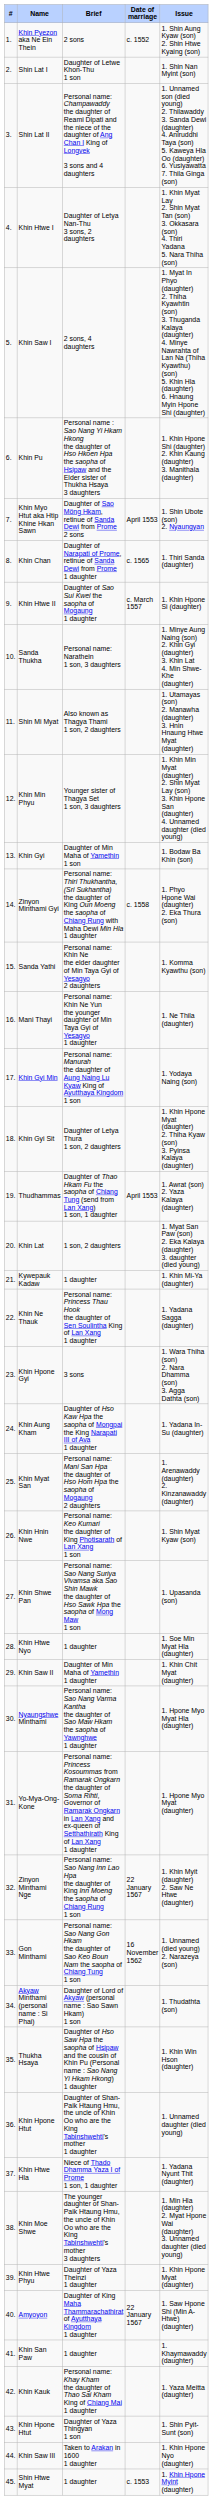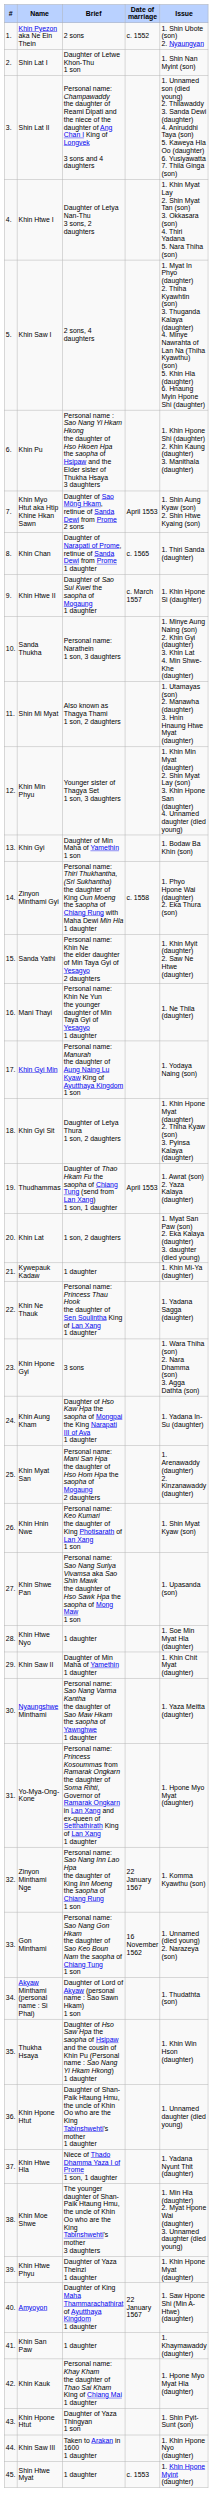 <table width=75% class="wikitable">
 <tr>
 <th style="background-color:#B9D1FF">#</th>
 <th style="background-color:#B9D1FF">Name</th>
 <th style="background-color:#B9D1FF">Brief</th>
 <th style="background-color:#B9D1FF">Date of marriage</th>
 <th style="background-color:#B9D1FF">Issue</th>
 </tr>
 <tr>
 <td>1.</td>
 <td><a href='#'>Khin Pyezon</a> aka Ne Ein Thein</td>
 <td>2 sons</td>
 <td>c. 1552</td>
-<td>1. Shin Aung Kyaw (son) <br> 2. Shin Htwe Kyaing (son)</td>
+<td>1. Shin Ubote (son) <br> 2. <a href='#'>Nyaungyan</a></td>
 </tr>
 <tr>
 <td>2.</td>
 <td>Shin Lat I</td>
 <td>Daughter of Letwe Khon-Thu <br> 1 son</td>
 <td></td>
 <td>1. Shin Nan Myint (son)</td>
 </tr>
 <tr>
 <td>3.</td>
 <td>Shin Lat II</td>
 <td>Personal name: <em>Champawaddy</em> <br> the daughter of Reami Dipati and the niece of the daughter of <a href='#'>Ang Chan I</a> King of <a href='#'>Longvek</a><br><br> 3 sons and 4 daughters</td>
 <td></td>
 <td>1. Unnamed son (died young) <br> 2. Thilawaddy <br> 3. Sanda Dewi (daughter) <br> 4. Aniruddhi Taya (son) <br> 5. Kaweya Hla Oo (daughter) <br> 6. Yusiyawatta <br> 7. Thila Ginga (son)</td>
 </tr>
 <tr>
 <td>4.</td>
 <td>Khin Htwe I</td>
 <td>Daughter of Letya Nan-Thu <br> 3 sons, 2 daughters</td>
 <td></td>
 <td>1. Khin Myat Lay <br> 2. Shin Myat Tan (son) <br> 3. Okkasara (son) <br> 4. Thiri Yadana <br> 5. Nara Thiha (son)</td>
 </tr>
 <tr>
 <td>5.</td>
 <td>Khin Saw I</td>
 <td>2 sons, 4 daughters</td>
 <td></td>
 <td>1. Myat In Phyo (daughter) <br> 2. Thiha Kyawhtin (son) <br> 3. Thuganda Kalaya (daughter) <br> 4. Minye Nawrahta of Lan Na (Thiha Kyawthu) (son) <br> 5. Khin Hla (daughter) <br> 6. Hnaung Myin Hpone Shi (daughter)</td>
 </tr>
 <tr>
 <td>6.</td>
 <td>Khin Pu</td>
 <td>Personal name : <em>Sao Nang Yi Hkam Hkong</em> <br> the daughter of <em>Hso Hkoen Hpa</em> the <em>saopha</em> of <a href='#'>Hsipaw</a> and the Elder sister of Thukha Hsaya <br> 3 daughters</td>
 <td></td>
 <td>1. Khin Hpone Shi (daughter) <br> 2. Khin Kaung (daughter) <br> 3. Manithala (daughter)</td>
 </tr>
 <tr>
 <td>7.</td>
 <td>Khin Myo Htut aka Htip Khine Hkan Sawn</td>
 <td>Daughter of <a href='#'>Sao Möng Hkam</a>, retinue of <a href='#'>Sanda Dewi</a> from <a href='#'>Prome</a> <br> 2 sons</td>
 <td>April 1553</td>
-<td>1. Shin Ubote (son) <br> 2. <a href='#'>Nyaungyan</a></td>
+<td>1. Shin Aung Kyaw (son) <br> 2. Shin Htwe Kyaing (son)</td>
 </tr>
 <tr>
 <td>8.</td>
 <td>Khin Chan</td>
 <td>Daughter of <a href='#'>Narapati of Prome</a>, retinue of <a href='#'>Sanda Dewi</a> from <a href='#'>Prome</a> <br> 1 daughter</td>
 <td>c. 1565</td>
 <td>1. Thiri Sanda (daughter)</td>
 </tr>
 <tr>
 <td>9.</td>
 <td>Khin Htwe II</td>
 <td>Daughter of <em>Sao Sui Kwei</em> the <em>saopha</em> of <a href='#'>Mogaung</a> <br> 1 daughter</td>
 <td>c. March 1557</td>
 <td>1. Khin Hpone Si (daughter)</td>
 </tr>
 <tr>
 <td>10.</td>
 <td>Sanda Thukha</td>
 <td>Personal name: Narathein <br> 1 son, 3 daughters</td>
 <td></td>
 <td>1. Minye Aung Naing (son) <br> 2. Khin Gyi (daughter) <br> 3. Khin Lat <br> 4. Min Shwe-Khe (daughter)</td>
 </tr>
 <tr>
 <td>11.</td>
 <td>Shin Mi Myat</td>
 <td>Also known as Thagya Thami <br> 1 son, 2 daughters</td>
 <td></td>
 <td>1. Utamayas (son) <br> 2. Manawha (daughter) <br> 3. Hnin Hnaung Htwe Myat (daughter)</td>
 </tr>
 <tr>
 <td>12.</td>
 <td>Khin Min Phyu</td>
 <td>Younger sister of Thagya Set <br> 1 son, 3 daughters</td>
 <td></td>
 <td>1. Khin Min Myat (daughter) <br> 2. Shin Myat Lay (son) <br> 3. Khin Hpone San (daughter) <br> 4. Unnamed daughter (died young)</td>
 </tr>
 <tr>
 <td>13.</td>
 <td>Khin Gyi</td>
 <td>Daughter of Min Maha of <a href='#'>Yamethin</a> <br> 1 son</td>
 <td></td>
 <td>1. Bodaw Ba Khin (son)</td>
 </tr>
 <tr>
 <td>14.</td>
 <td>Zinyon Minthami Gyi</td>
 <td>Personal name: <em>Thiri Thukhantha, (Sri Sukhantha)</em> <br> the daughter of King <em>Oun Moeng</em> the <em>saopha</em> of <a href='#'>Chiang Rung</a> with Maha Dewi <em>Min Hla</em> <br> 1 daughter</td>
 <td>c. 1558</td>
 <td>1. Phyo Hpone Wai (daughter) <br> 2. Eka Thura (son)</td>
 </tr>
 <tr>
 <td>15.</td>
 <td>Sanda Yathi</td>
 <td>Personal name: Khin Ne <br> the elder daughter of Min Taya Gyi of <a href='#'>Yesagyo</a> <br> 2 daughters</td>
 <td></td>
-<td>1. Komma Kyawthu (son)</td>
+<td>1. Khin Myit (daughter) <br> 2. Saw Ne Htwe (daughter)</td>
 </tr>
 <tr>
 <td>16.</td>
 <td>Mani Thayi</td>
 <td>Personal name: Khin Ne Yun <br> the younger daughter of Min Taya Gyi of <a href='#'>Yesagyo</a> <br> 1 daughter</td>
 <td></td>
 <td>1. Ne Thila (daughter)</td>
 </tr>
 <tr>
 <td>17.</td>
 <td><a href='#'>Khin Gyi Min</a></td>
 <td>Personal name: <em>Manurah</em> <br> the daughter of <a href='#'>Aung Naing Lu Kyaw</a> King of <a href='#'>Ayutthaya Kingdom</a> <br> 1 son</td>
 <td></td>
 <td>1. Yodaya Naing (son)</td>
 </tr>
 <tr>
 <td>18.</td>
 <td>Khin Gyi Sit</td>
 <td>Daughter of Letya Thura <br> 1 son, 2 daughters</td>
 <td></td>
 <td>1. Khin Hpone Myat (daughter) <br> 2. Thiha Kyaw (son) <br> 3. Pyinsa Kalaya (daughter)</td>
 </tr>
 <tr>
 <td>19.</td>
 <td>Thudhammas</td>
 <td>Daughter of <em>Thao Hkam Fu</em> the <em>saopha</em> of <a href='#'>Chiang Tung</a> (send from <a href='#'>Lan Xang</a>) <br> 1 son, 1 daughter</td>
 <td>April 1553</td>
 <td>1. Awrat (son) <br> 2. Yaza Kalaya (daughter)</td>
 </tr>
 <tr>
 <td>20.</td>
 <td>Khin Lat</td>
 <td>1 son, 2 daughters</td>
 <td></td>
 <td>1. Myat San Paw (son) <br> 2. Eka Kalaya (daughter) <br> 3. daughter (died young)</td>
 </tr>
 <tr>
 <td>21.</td>
 <td>Kywepauk Kadaw</td>
 <td>1 daughter</td>
 <td></td>
 <td>1. Khin Mi-Ya (daughter)</td>
 </tr>
 <tr>
 <td>22.</td>
 <td>Khin Ne Thauk</td>
 <td>Personal name: <em>Princess Thau Hook</em> <br> the daughter of <a href='#'>Sen Soulintha</a> King of <a href='#'>Lan Xang</a> <br> 1 daughter</td>
 <td></td>
 <td>1. Yadana Sagga (daughter)</td>
 </tr>
 <tr>
 <td>23.</td>
 <td>Khin Hpone Gyi</td>
 <td>3 sons</td>
 <td></td>
 <td>1. Wara Thiha (son) <br> 2. Nara Dhamma (son) <br> 3. Agga Dathta (son)</td>
 </tr>
 <tr>
 <td>24.</td>
 <td>Khin Aung Kham</td>
 <td>Daughter of <em>Hso Kaw Hpa</em> the <em>saopha</em> of <a href='#'>Mongpai</a> the King <a href='#'>Narapati III of Ava</a> <br> 1 daughter</td>
 <td></td>
 <td>1. Yadana In-Su (daughter)</td>
 </tr>
 <tr>
 <td>25.</td>
 <td>Khin Myat San</td>
 <td>Personal name: <em>Mani San Hpa</em> <br> the daughter of <em>Hso Hom Hpa</em> the <em>saopha</em> of <a href='#'>Mogaung</a> <br> 2 daughters</td>
 <td></td>
 <td>1. Arenawaddy (daughter)  <br> 2. Kinzanawaddy (daughter)</td>
 </tr>
 <tr>
 <td>26.</td>
 <td>Khin Hnin Nwe <br></td>
 <td>Personal name: <em>Keo Kumari</em> <br> the daughter of King <a href='#'>Photisarath</a> of <a href='#'>Lan Xang</a> <br> 1 son</td>
 <td></td>
 <td>1. Shin Myat Kyaw (son)</td>
 </tr>
 <tr>
 <td>27.</td>
 <td>Khin Shwe Pan</td>
 <td>Personal name: <em>Sao Nang Suriya Vivamsa</em> aka <em>Sao Shin Mawk</em> <br> the daughter of <em>Hso Sawk Hpa</em> the <em>saopha</em> of <a href='#'>Mong Maw</a> <br> 1 son</td>
 <td></td>
 <td>1. Upasanda (son)</td>
 </tr>
 <tr>
 <td>28.</td>
 <td>Khin Htwe Nyo</td>
 <td>1 daughter</td>
 <td></td>
 <td>1. Soe Min Myat Hla (daughter)</td>
 </tr>
 <tr>
 <td>29.</td>
 <td>Khin Saw II</td>
 <td>Daughter of Min Maha of <a href='#'>Yamethin</a> <br> 1 daughter</td>
 <td></td>
 <td>1. Khin Chit Myat (daughter)</td>
 </tr>
 <tr>
 <td>30.</td>
 <td><a href='#'>Nyaungshwe</a> Minthami</td>
 <td>Personal name: <em>Sao Nang Varma Kantha</em> <br> the daughter of <em>Sao Maw Hkam</em> the <em>saopha</em> of <a href='#'>Yawnghwe</a> <br> 1 daughter</td>
 <td></td>
-<td>1. Hpone Myo Myat Hla (daughter)</td>
+<td>1. Yaza Meitta (daughter)</td>
 </tr>
 <tr>
 <td>31.</td>
 <td>Yo-Mya-Ong-Kone</td>
 <td>Personal name: <em>Princess Kosoummas</em> from <em>Ramarak Ongkarn</em> <br> the daughter of <em>Soma Rihti</em>, Governor of <a href='#'>Ramarak Ongkarn</a> in <a href='#'>Lan Xang</a> and ex-queen of <a href='#'>Setthathirath</a> King of <a href='#'>Lan Xang</a> <br> 1 daughter</td>
 <td></td>
 <td>1. Hpone Myo Myat (daughter)</td>
 </tr>
 <tr>
 <td>32.</td>
 <td>Zinyon Minthami Nge</td>
 <td>Personal name: <em>Sao Nang Inn Lao Hpa</em> <br> the daughter of King <em>Inn Moeng</em> the <em>saopha</em> of <a href='#'>Chiang Rung</a> <br> 1 son</td>
 <td>22 January 1567</td>
-<td>1. Khin Myit (daughter) <br> 2. Saw Ne Htwe (daughter)</td>
+<td>1. Komma Kyawthu (son)</td>
 </tr>
 <tr>
 <td>33.</td>
 <td>Gon Minthami</td>
 <td>Personal name: <em>Sao Nang Gon Hkam</em> <br> the daughter of <em>Sao Keo Boun Nam</em> the <em>saopha</em> of <a href='#'>Chiang Tung</a> <br> 1 son</td>
 <td>16 November 1562</td>
 <td>1. Unnamed (died young) <br> 2. Narazeya (son)</td>
 </tr>
 <tr>
 <td>34.</td>
 <td><a href='#'>Akyaw</a> Minthami (personal name : Si Phai)</td>
 <td>Daughter of Lord of <a href='#'>Akyaw</a> (personal name : Sao Sawn Hkam) <br> 1 son</td>
 <td></td>
 <td>1. Thudathta (son)</td>
 </tr>
 <tr>
 <td>35.</td>
 <td>Thukha Hsaya</td>
 <td>Daughter of <em>Hso Saw Hpa</em> the <em>saopha</em> of <a href='#'>Hsipaw</a> and the cousin of Khin Pu (Personal name : <em>Sao Nang Yi Hkam Hkong</em>) <br> 1 daughter</td>
 <td></td>
 <td>1. Khin Win Hson (daughter)</td>
 </tr>
 <tr>
 <td>36.</td>
 <td>Khin Hpone Htut</td>
 <td>Daughter of Shan-Paik Htaung Hmu, the uncle of Khin Oo who are the King <a href='#'>Tabinshwehti</a>'s mother <br> 1 daughter</td>
 <td></td>
 <td>1. Unnamed daughter (died young)</td>
 </tr>
 <tr>
 <td>37.</td>
 <td>Khin Htwe Hla</td>
 <td>Niece of <a href='#'>Thado Dhamma Yaza I of Prome</a> <br> 1 son, 1 daughter</td>
 <td></td>
 <td>1. Yadana Nyunt Thit (daughter)</td>
 </tr>
 <tr>
 <td>38.</td>
 <td>Khin Moe Shwe</td>
 <td>The younger daughter of Shan-Paik Htaung Hmu, the uncle of Khin Oo who are the King <a href='#'>Tabinshwehti</a>'s mother <br> 3 daughters</td>
 <td></td>
 <td>1. Min Hla (daughter) <br> 2. Myat Hpone Wai (daughter) <br> 3. Unnamed daughter (died young)</td>
 </tr>
 <tr>
 <td>39.</td>
 <td>Khin Htwe Phyu</td>
 <td>Daughter of Yaza Theinzi <br> 1 daughter</td>
 <td></td>
 <td>1. Khin Hpone Myat (daughter)</td>
 </tr>
 <tr>
 <td>40.</td>
 <td><a href='#'>Amyoyon</a></td>
 <td>Daughter of King <a href='#'>Maha Thammarachathirat</a> of <a href='#'>Ayutthaya Kingdom</a> <br> 1 daughter</td>
 <td>22 January 1567</td>
 <td>1. Saw Hpone Shi (Min A-Htwe) (daughter)</td>
 </tr>
 <tr>
 <td>41.</td>
 <td>Khin San Paw</td>
 <td>1 daughter</td>
 <td></td>
 <td>1. Khaymawaddy (daughter)</td>
 </tr>
 <tr>
 <td>42.</td>
 <td>Khin Kauk <br></td>
 <td>Personal name: <em>Khay Kham</em> <br> the daughter of <em>Thao Sai Kham</em> King of <a href='#'>Chiang Mai</a> <br> 1 daughter</td>
 <td></td>
-<td>1. Yaza Meitta (daughter)</td>
+<td>1. Hpone Myo Myat Hla (daughter)</td>
 </tr>
 <tr>
 <td>43.</td>
 <td>Khin Hpone Htut</td>
 <td>Daughter of Yaza Thingyan <br> 1 son</td>
 <td></td>
 <td>1. Shin Pyit-Sunt (son)</td>
 </tr>
 <tr>
 <td>44.</td>
 <td>Khin Saw III</td>
 <td>Taken to <a href='#'>Arakan</a> in 1600 <br> 1 daughter</td>
 <td></td>
 <td>1. Khin Hpone Nyo (daughter)</td>
 </tr>
 <tr>
 <td>45.</td>
 <td>Shin Htwe Myat</td>
 <td>1 daughter</td>
 <td>c. 1553</td>
 <td>1. <a href='#'>Khin Hpone Myint</a> (daughter)</td>
 </tr>
 </table>
